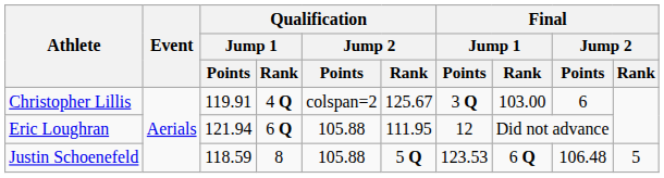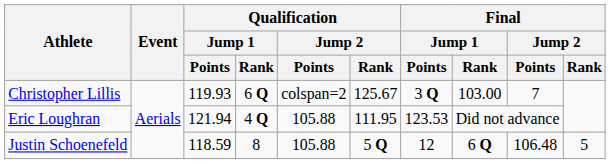 <table class=wikitable style=font-size:90%;text-align:center>
 <tr>
 <th rowspan=3>Athlete</th>
 <th rowspan=3>Event</th>
 <th colspan=4>Qualification</th>
 <th colspan=4>Final</th>
 </tr>
 <tr style=font-size:95%>
 <th colspan=2>Jump 1</th>
 <th colspan=2>Jump 2</th>
 <th colspan=2>Jump 1</th>
 <th colspan=2>Jump 2</th>
 </tr>
 <tr style=font-size:95%>
 <th>Points</th>
 <th>Rank</th>
 <th>Points</th>
 <th>Rank</th>
 <th>Points</th>
 <th>Rank</th>
 <th>Points</th>
 <th>Rank</th>
 </tr>
 <tr>
 <td align=left><a href='#'>Christopher Lillis</a></td>
 <td align=left rowspan=3><a href='#'>Aerials</a></td>
-<td>119.91</td>
-<td>4 <strong>Q</strong></td>
+<td>119.93</td>
+<td>6 <strong>Q</strong></td>
 <td>colspan=2 </td>
 <td>125.67</td>
 <td>3 <strong>Q</strong></td>
 <td>103.00</td>
-<td>6</td>
+<td>7</td>
 </tr>
 <tr>
 <td align=left><a href='#'>Eric Loughran</a></td>
 <td>121.94</td>
-<td>6 <strong>Q</strong></td>
+<td>4 <strong>Q</strong></td>
 <td>105.88</td>
 <td>111.95</td>
-<td>12</td>
+<td>123.53</td>
 <td colspan=2>Did not advance</td>
 </tr>
 <tr>
 <td align=left><a href='#'>Justin Schoenefeld</a></td>
 <td>118.59</td>
 <td>8</td>
 <td>105.88</td>
 <td>5 <strong>Q</strong></td>
-<td>123.53</td>
+<td>12</td>
 <td>6 <strong>Q</strong></td>
 <td>106.48</td>
 <td>5</td>
 </tr>
 </table>
